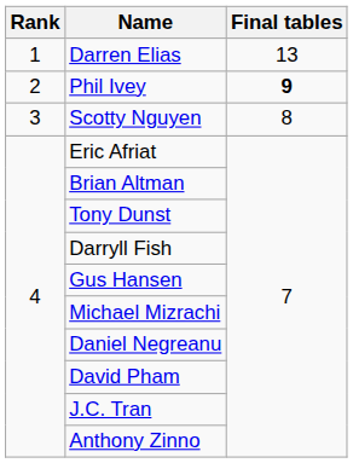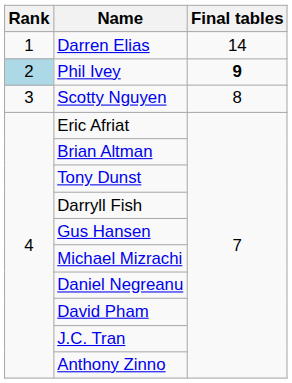 <table class="wikitable" style="display: inline-table;">
 <tr>
 <th>Rank</th>
 <th>Name</th>
 <th>Final tables</th>
 </tr>
 <tr>
 <td align=center>1</td>
 <td> <a href='#'>Darren Elias</a></td>
-<td align=center>13</td>
+<td align=center>14</td>
 </tr>
 <tr>
-<td align=center>2</td>
+<td align=center style="background: lightblue;">2</td>
 <td> <a href='#'>Phil Ivey</a></td>
 <td align=center><strong>9</strong></td>
 </tr>
 <tr>
 <td align=center>3</td>
 <td> <a href='#'>Scotty Nguyen</a></td>
 <td align=center>8</td>
 </tr>
 <tr>
 <td rowspan=10 align=center>4</td>
 <td> Eric Afriat</td>
 <td rowspan=10 align=center>7</td>
 </tr>
 <tr>
 <td> <a href='#'>Brian Altman</a></td>
 </tr>
 <tr>
 <td> <a href='#'>Tony Dunst</a></td>
 </tr>
 <tr>
 <td> Darryll Fish</td>
 </tr>
 <tr>
 <td> <a href='#'>Gus Hansen</a></td>
 </tr>
 <tr>
 <td> <a href='#'>Michael Mizrachi</a></td>
 </tr>
 <tr>
 <td> <a href='#'>Daniel Negreanu</a></td>
 </tr>
 <tr>
 <td> <a href='#'>David Pham</a></td>
 </tr>
 <tr>
 <td> <a href='#'>J.C. Tran</a></td>
 </tr>
 <tr>
 <td> <a href='#'>Anthony Zinno</a></td>
 </tr>
 </table>
